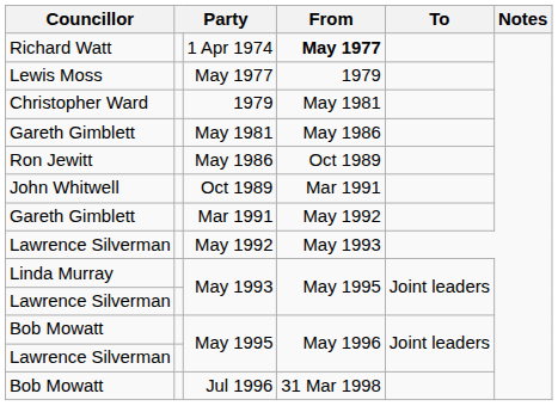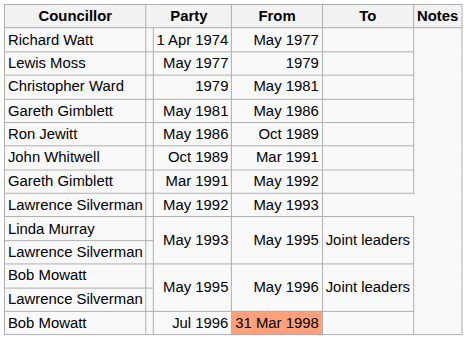 <table class=wikitable>
 <tr>
 <th>Councillor</th>
 <th colspan=2>Party</th>
 <th>From</th>
 <th>To</th>
 <th>Notes</th>
 </tr>
 <tr>
 <td>Richard Watt</td>
 <td></td>
 <td align=right>1 Apr 1974</td>
-<td align=right><strong>May 1977</strong></td>
+<td align=right>May 1977</td>
 <td></td>
 </tr>
 <tr>
 <td>Lewis Moss</td>
 <td></td>
 <td align=right>May 1977</td>
 <td align=right>1979</td>
 <td></td>
 </tr>
 <tr>
 <td>Christopher Ward</td>
 <td></td>
 <td align=right>1979</td>
 <td align=right>May 1981</td>
 <td></td>
 </tr>
 <tr>
 <td>Gareth Gimblett</td>
 <td></td>
 <td align=right>May 1981</td>
 <td align=right>May 1986</td>
 <td></td>
 </tr>
 <tr>
 <td>Ron Jewitt</td>
 <td></td>
 <td align=right>May 1986</td>
 <td align=right>Oct 1989</td>
 <td></td>
 </tr>
 <tr>
 <td>John Whitwell</td>
 <td></td>
 <td align=right>Oct 1989</td>
 <td align=right>Mar 1991</td>
 <td></td>
 </tr>
 <tr>
 <td>Gareth Gimblett</td>
 <td></td>
 <td align=right>Mar 1991</td>
 <td align=right>May 1992</td>
 <td></td>
 </tr>
 <tr>
 <td>Lawrence Silverman</td>
 <td></td>
 <td align=right>May 1992</td>
 <td align=right>May 1993</td>
 </tr>
 <tr>
 <td>Linda Murray</td>
 <td></td>
 <td rowspan=2 align=right>May 1993</td>
 <td rowspan=2 align=right>May 1995</td>
 <td rowspan=2>Joint leaders</td>
 </tr>
 <tr>
 <td>Lawrence Silverman</td>
 <td></td>
 </tr>
 <tr>
 <td>Bob Mowatt</td>
 <td></td>
 <td rowspan=2 align=right>May 1995</td>
 <td rowspan=2 align=right>May 1996</td>
 <td rowspan=2>Joint leaders</td>
 </tr>
 <tr>
 <td>Lawrence Silverman</td>
 <td></td>
 </tr>
 <tr>
 <td>Bob Mowatt</td>
 <td></td>
 <td align=right>Jul 1996</td>
-<td align=right>31 Mar 1998</td>
+<td align=right style="background: lightsalmon;">31 Mar 1998</td>
 <td></td>
 </tr>
 </table>
